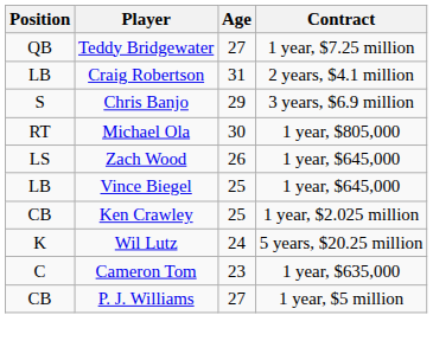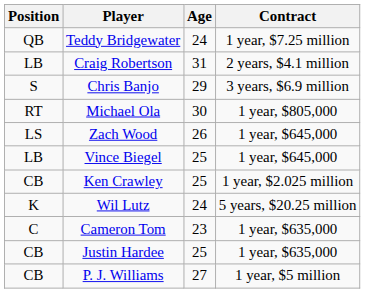 <table class="wikitable" style="text-align:center">
 <tr>
 <th>Position</th>
 <th>Player</th>
 <th>Age</th>
 <th>Contract</th>
 </tr>
 <tr>
 <td>QB</td>
 <td><a href='#'>Teddy Bridgewater</a></td>
-<td>27</td>
+<td>24</td>
 <td>1 year, $7.25 million</td>
 </tr>
 <tr>
 <td>LB</td>
 <td><a href='#'>Craig Robertson</a></td>
 <td>31</td>
 <td>2 years, $4.1 million</td>
 </tr>
 <tr>
 <td>S</td>
 <td><a href='#'>Chris Banjo</a></td>
 <td>29</td>
 <td>3 years, $6.9 million</td>
 </tr>
 <tr>
 <td>RT</td>
 <td><a href='#'>Michael Ola</a></td>
 <td>30</td>
 <td>1 year, $805,000</td>
 </tr>
 <tr>
 <td>LS</td>
 <td><a href='#'>Zach Wood</a></td>
 <td>26</td>
 <td>1 year, $645,000</td>
 </tr>
 <tr>
 <td>LB</td>
 <td><a href='#'>Vince Biegel</a></td>
 <td>25</td>
 <td>1 year, $645,000</td>
 </tr>
 <tr>
 <td>CB</td>
 <td><a href='#'>Ken Crawley</a></td>
 <td>25</td>
 <td>1 year, $2.025 million</td>
 </tr>
 <tr>
 <td>K</td>
 <td><a href='#'>Wil Lutz</a></td>
 <td>24</td>
 <td>5 years, $20.25 million</td>
 </tr>
 <tr>
 <td>C</td>
 <td><a href='#'>Cameron Tom</a></td>
 <td>23</td>
 <td>1 year, $635,000</td>
 </tr>
 <tr>
 <td>CB</td>
+<td><a href='#'>Justin Hardee</a></td>
+<td>25</td>
+<td>1 year, $635,000</td>
+</tr>
+<tr>
+<td>CB</td>
 <td><a href='#'>P. J. Williams</a></td>
 <td>27</td>
 <td>1 year, $5 million</td>
 </tr>
 </table>
